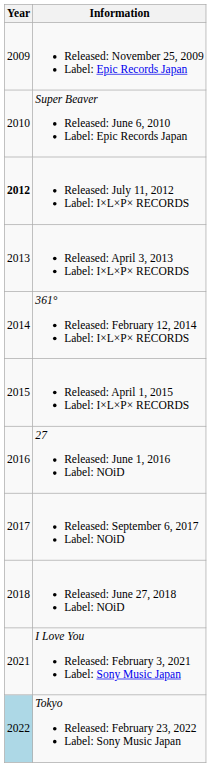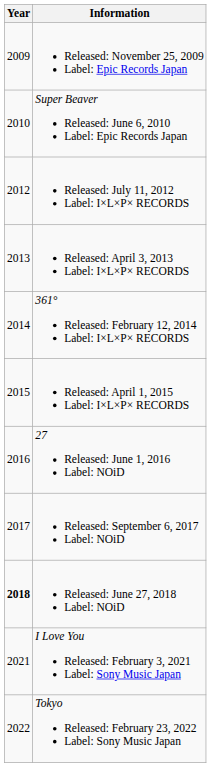 <table class="wikitable">
 <tr>
 <th>Year</th>
 <th>Information</th>
 </tr>
 <tr>
 <td>2009</td>
 <td><em></em><br><ul><li>Released: November 25, 2009</li><li>Label: <a href='#'>Epic Records Japan</a></li></ul></td>
 </tr>
 <tr>
 <td>2010</td>
 <td><em>Super Beaver</em><br><ul><li>Released: June 6, 2010</li><li>Label: Epic Records Japan</li></ul></td>
 </tr>
 <tr>
-<td><strong>2012</strong></td>
+<td>2012</td>
 <td><em></em><br><ul><li>Released: July 11, 2012</li><li>Label: I×L×P× RECORDS</li></ul></td>
 </tr>
 <tr>
 <td>2013</td>
 <td><em></em><br><ul><li>Released: April 3, 2013</li><li>Label: I×L×P× RECORDS</li></ul></td>
 </tr>
 <tr>
 <td>2014</td>
 <td><em>361°</em><br><ul><li>Released: February 12, 2014</li><li>Label: I×L×P× RECORDS</li></ul></td>
 </tr>
 <tr>
 <td>2015</td>
 <td><em></em><br><ul><li>Released: April 1, 2015</li><li>Label: I×L×P× RECORDS</li></ul></td>
 </tr>
 <tr>
 <td>2016</td>
 <td><em>27</em><br><ul><li>Released: June 1, 2016</li><li>Label: NOiD</li></ul></td>
 </tr>
 <tr>
 <td>2017</td>
 <td><br><ul><li>Released: September 6, 2017</li><li>Label: NOiD</li></ul></td>
 </tr>
 <tr>
-<td>2018</td>
+<td><strong>2018</strong></td>
 <td><br><ul><li>Released: June 27, 2018</li><li>Label: NOiD</li></ul></td>
 </tr>
 <tr>
 <td>2021</td>
 <td><em>I Love You</em><br><ul><li>Released: February 3, 2021</li><li>Label: <a href='#'>Sony Music Japan</a></li></ul></td>
 </tr>
 <tr>
-<td style="background: lightblue;">2022</td>
+<td>2022</td>
 <td><em>Tokyo</em><br><ul><li>Released: February 23, 2022</li><li>Label: Sony Music Japan</li></ul></td>
 </tr>
 </table>
